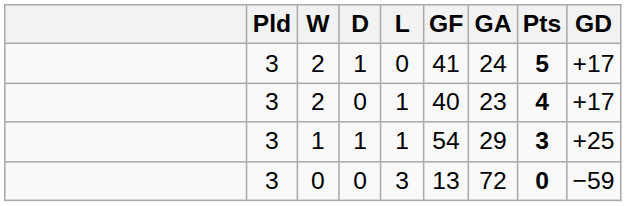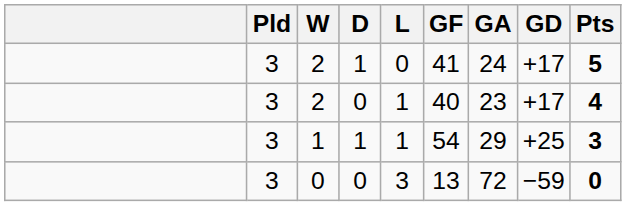 <table class="wikitable" style="text-align:center;">
 <tr>
 <th width=150></th>
 <th width=20>Pld</th>
 <th width=20>W</th>
 <th width=20>D</th>
 <th width=20>L</th>
 <th width=20>GF</th>
 <th width=20>GA</th>
+<th width=20>GD</th>
 <th width=20>Pts</th>
-<th width=20>GD</th>
 </tr>
 <tr>
 <td align="left"></td>
 <td>3</td>
 <td>2</td>
 <td>1</td>
 <td>0</td>
 <td>41</td>
 <td>24</td>
+<td>+17</td>
 <td><strong>5</strong></td>
-<td>+17</td>
 </tr>
 <tr>
 <td align="left"></td>
 <td>3</td>
 <td>2</td>
 <td>0</td>
 <td>1</td>
 <td>40</td>
 <td>23</td>
+<td>+17</td>
 <td><strong>4</strong></td>
-<td>+17</td>
 </tr>
 <tr>
 <td align="left"></td>
 <td>3</td>
 <td>1</td>
 <td>1</td>
 <td>1</td>
 <td>54</td>
 <td>29</td>
+<td>+25</td>
 <td><strong>3</strong></td>
-<td>+25</td>
 </tr>
 <tr>
 <td align="left"></td>
 <td>3</td>
 <td>0</td>
 <td>0</td>
 <td>3</td>
 <td>13</td>
 <td>72</td>
+<td>−59</td>
 <td><strong>0</strong></td>
-<td>−59</td>
 </tr>
 </table>
